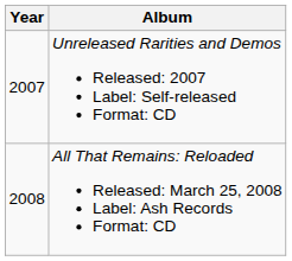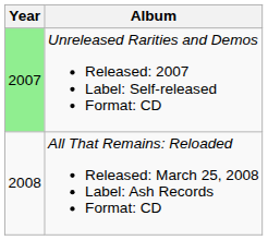 <table class="wikitable">
 <tr>
 <th>Year</th>
 <th>Album</th>
 </tr>
 <tr>
-<td>2007</td>
+<td style="background: lightgreen;">2007</td>
 <td><em>Unreleased Rarities and Demos</em><br><ul><li>Released: 2007</li><li>Label: Self-released</li><li>Format: CD</li></ul></td>
 </tr>
 <tr>
 <td>2008</td>
 <td><em>All That Remains: Reloaded</em><br><ul><li>Released: March 25, 2008</li><li>Label: Ash Records</li><li>Format: CD</li></ul></td>
 </tr>
 </table>
